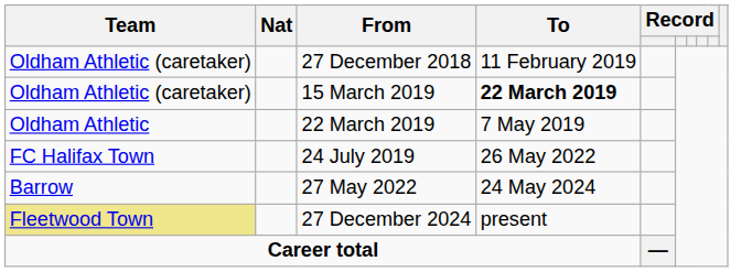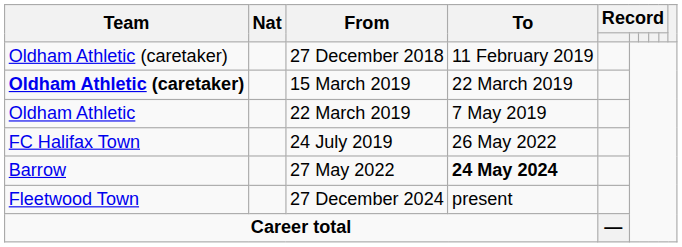 <table class="wikitable" style="text-align: center">
 <tr>
 <th rowspan="2">Team</th>
 <th rowspan="2">Nat</th>
 <th rowspan="2">From</th>
 <th rowspan="2">To</th>
 <th colspan="5">Record</th>
 <th rowspan=2></th>
 </tr>
 <tr>
 <th></th>
 <th></th>
 <th></th>
 <th></th>
 <th></th>
 </tr>
 <tr>
 <td align="left"><a href='#'>Oldham Athletic</a> (caretaker)</td>
 <td></td>
 <td align=left>27 December 2018</td>
 <td align=left>11 February 2019<br></td>
 <td></td>
 </tr>
 <tr>
-<td align="left"><a href='#'>Oldham Athletic</a> (caretaker)</td>
+<td align="left"><strong><a href='#'>Oldham Athletic</a> (caretaker)</strong></td>
 <td></td>
 <td align=left>15 March 2019</td>
-<td align=left><strong>22 March 2019<br></strong></td>
+<td align=left>22 March 2019<br></td>
 <td></td>
 </tr>
 <tr>
 <td align="left"><a href='#'>Oldham Athletic</a></td>
 <td></td>
 <td align=left>22 March 2019</td>
 <td align=left>7 May 2019<br></td>
 <td></td>
 </tr>
 <tr>
 <td align=left><a href='#'>FC Halifax Town</a></td>
 <td></td>
 <td align=left>24 July 2019</td>
 <td align=left>26 May 2022<br></td>
 <td></td>
 </tr>
 <tr>
 <td align=left><a href='#'>Barrow</a></td>
 <td></td>
 <td align=left>27 May 2022</td>
-<td align=left>24 May 2024<br></td>
+<td align=left><strong>24 May 2024<br></strong></td>
 <td></td>
 </tr>
 <tr>
-<td align=left style="background: khaki;"><a href='#'>Fleetwood Town</a></td>
+<td align=left><a href='#'>Fleetwood Town</a></td>
 <td></td>
 <td align=left>27 December 2024</td>
 <td align=left>present<br></td>
 <td></td>
 </tr>
 <tr>
 <td colspan=4><strong>Career total</strong><br></td>
 <th>—</th>
 </tr>
 </table>
